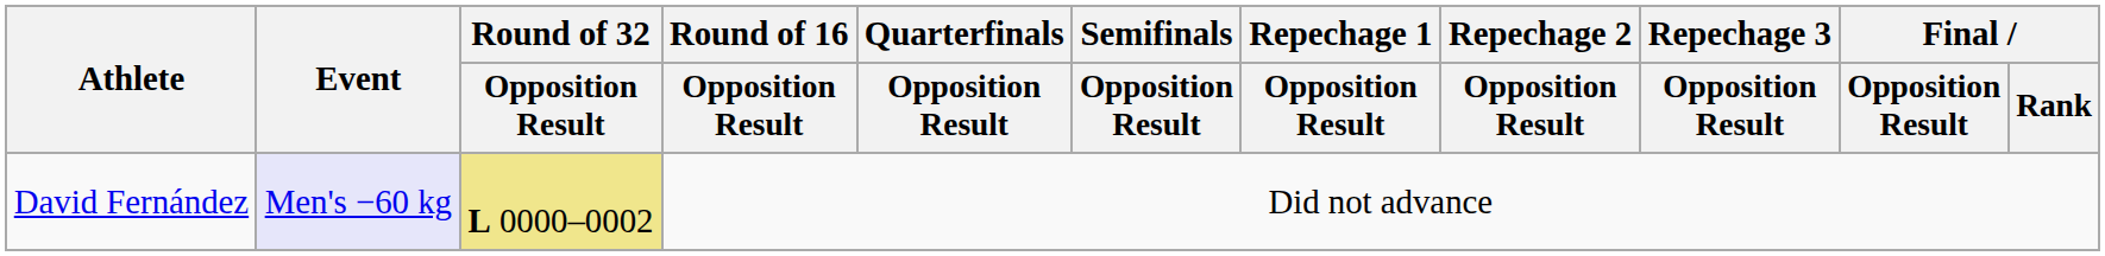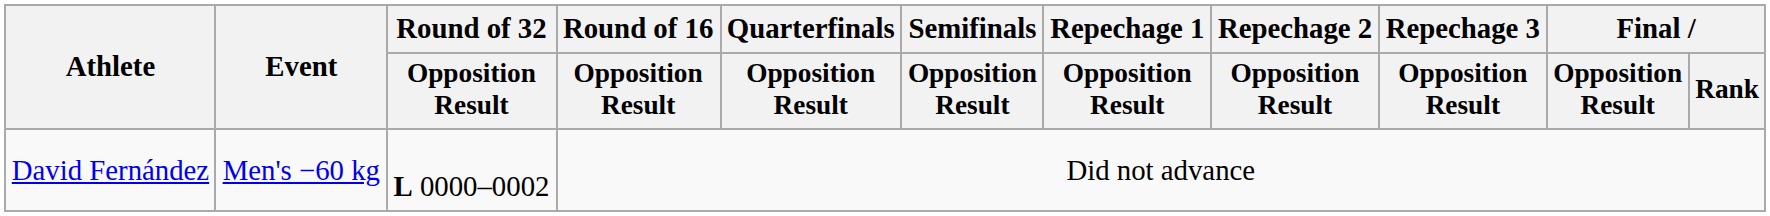 <table class="wikitable" style="font-size:90%">
 <tr>
 <th rowspan="2">Athlete</th>
 <th rowspan="2">Event</th>
 <th>Round of 32</th>
 <th>Round of 16</th>
 <th>Quarterfinals</th>
 <th>Semifinals</th>
 <th>Repechage 1</th>
 <th>Repechage 2</th>
 <th>Repechage 3</th>
 <th colspan=2>Final / </th>
 </tr>
 <tr style="font-size:95%">
 <th>Opposition<br>Result</th>
 <th>Opposition<br>Result</th>
 <th>Opposition<br>Result</th>
 <th>Opposition<br>Result</th>
 <th>Opposition<br>Result</th>
 <th>Opposition<br>Result</th>
 <th>Opposition<br>Result</th>
 <th>Opposition<br>Result</th>
 <th>Rank</th>
 </tr>
 <tr align=center>
 <td align=left><a href='#'>David Fernández</a></td>
-<td align=left style="background: lavender;"><a href='#'>Men's −60 kg</a></td>
-<td style="background: khaki;"><br><strong>L</strong> 0000–0002</td>
+<td align=left><a href='#'>Men's −60 kg</a></td>
+<td><br><strong>L</strong> 0000–0002</td>
 <td colspan=8>Did not advance</td>
 </tr>
 </table>
